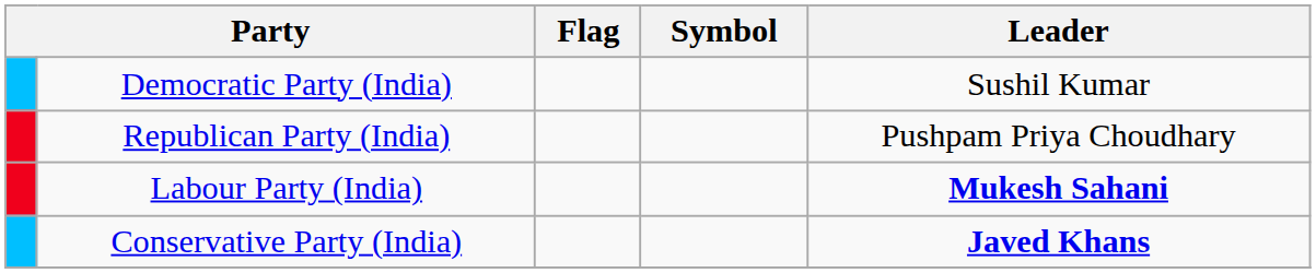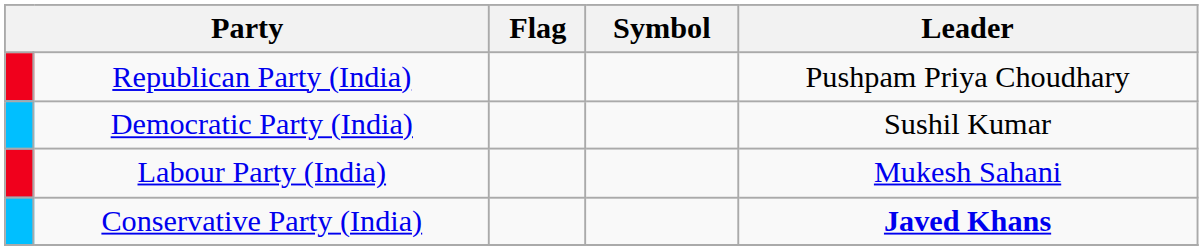 <table class="wikitable" width="50%" style="text-align:center;">
 <tr>
 <th colspan="2">Party</th>
 <th>Flag</th>
 <th>Symbol</th>
 <th>Leader</th>
+</tr>
+<tr>
+<td style="background:#F0001C; color:white;"></td>
+<td><a href='#'>Republican Party (India)</a></td>
+<td></td>
+<td></td>
+<td>Pushpam Priya Choudhary</td>
 </tr>
 <tr>
 <td style="background:#00BFFF;"> </td>
 <td><a href='#'>Democratic Party (India)</a></td>
 <td></td>
 <td></td>
 <td>Sushil Kumar</td>
 </tr>
 <tr>
 <td style="background:#F0001C; color:white;"></td>
-<td><a href='#'>Republican Party (India)</a></td>
-<td></td>
-<td></td>
-<td>Pushpam Priya Choudhary</td>
-</tr>
-<tr>
-<td style="background:#F0001C; color:white;"></td>
 <td><a href='#'>Labour Party (India)</a></td>
 <td></td>
 <td></td>
-<td><strong><a href='#'>Mukesh Sahani</a></strong></td>
+<td><a href='#'>Mukesh Sahani</a></td>
 </tr>
 <tr>
 <td style="background:#00BFFF;"> </td>
 <td><a href='#'>Conservative Party (India)</a></td>
 <td></td>
 <td></td>
 <td><strong><a href='#'>Javed Khans</a></strong></td>
 </tr>
 <tr>
 </tr>
 </table>
